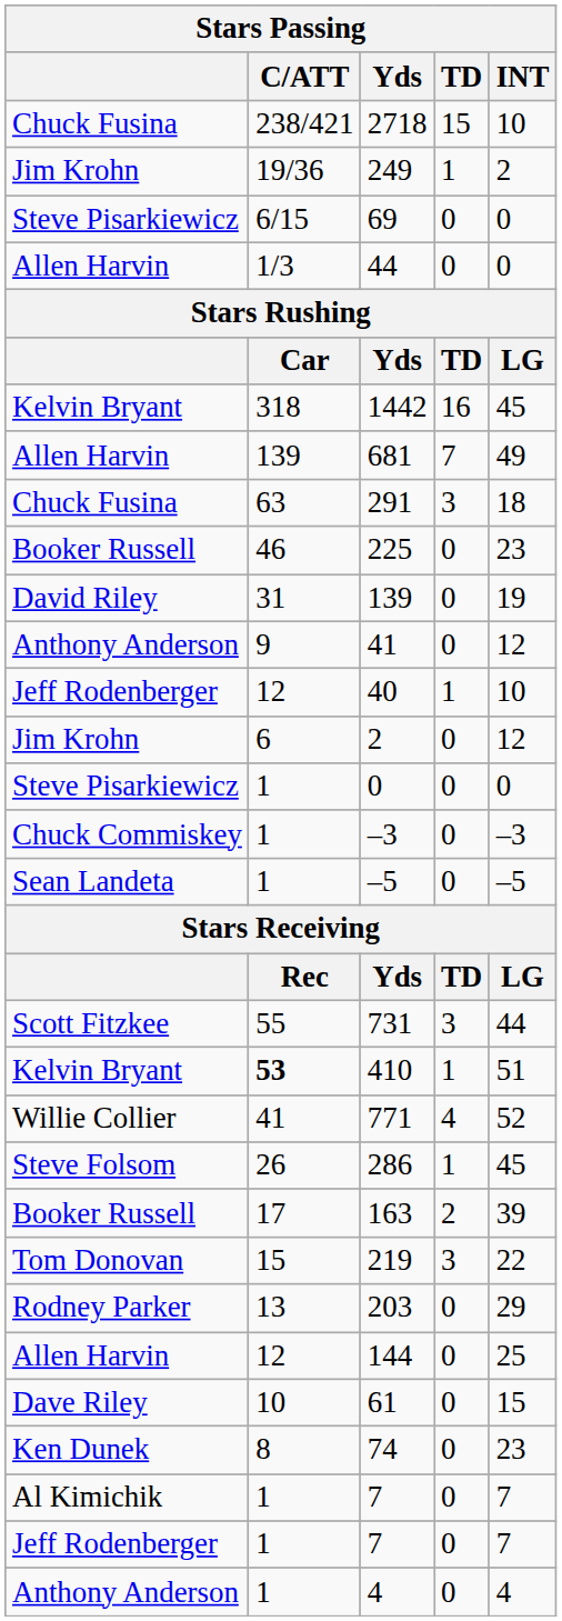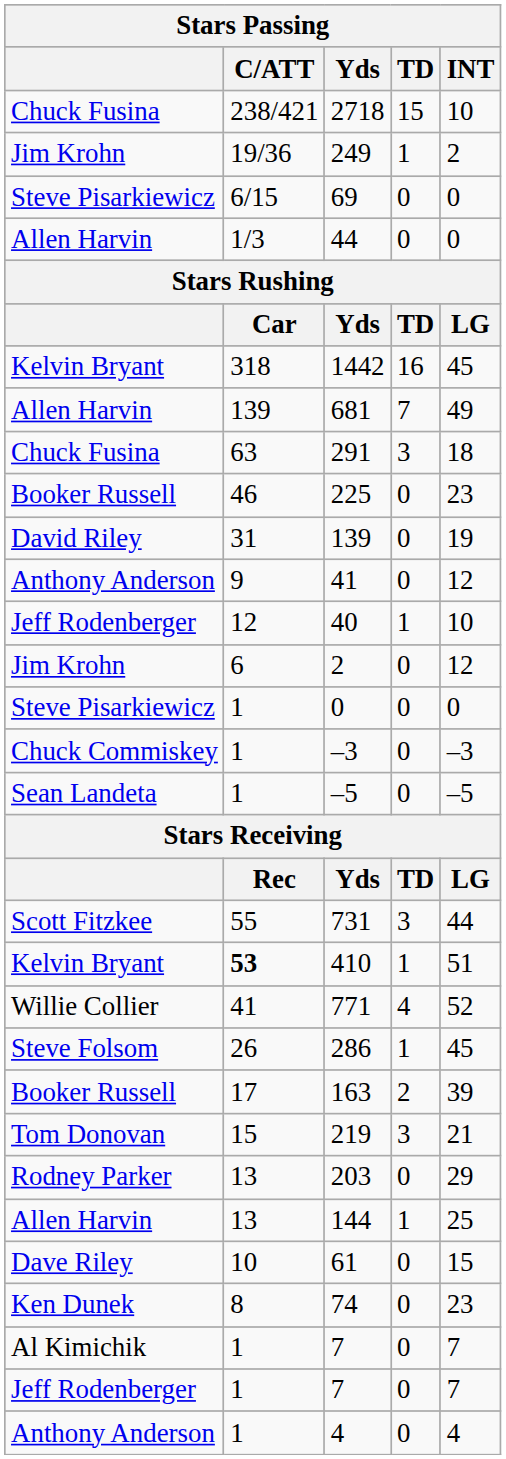 <table class="wikitable">
 <tr>
 <th colspan="5">Stars Passing</th>
 </tr>
 <tr>
 <th></th>
 <th>C/ATT</th>
 <th>Yds</th>
 <th>TD</th>
 <th>INT</th>
 </tr>
 <tr>
 <td><a href='#'>Chuck Fusina</a></td>
 <td>238/421</td>
 <td>2718</td>
 <td>15</td>
 <td>10</td>
 </tr>
 <tr>
 <td><a href='#'>Jim Krohn</a></td>
 <td>19/36</td>
 <td>249</td>
 <td>1</td>
 <td>2</td>
 </tr>
 <tr>
 <td><a href='#'>Steve Pisarkiewicz</a></td>
 <td>6/15</td>
 <td>69</td>
 <td>0</td>
 <td>0</td>
 </tr>
 <tr>
 <td><a href='#'>Allen Harvin</a></td>
 <td>1/3</td>
 <td>44</td>
 <td>0</td>
 <td>0</td>
 </tr>
 <tr>
 <th colspan="5">Stars Rushing</th>
 </tr>
 <tr>
 <th></th>
 <th>Car</th>
 <th>Yds</th>
 <th>TD</th>
 <th>LG</th>
 </tr>
 <tr>
 <td><a href='#'>Kelvin Bryant</a></td>
 <td>318</td>
 <td>1442</td>
 <td>16</td>
 <td>45</td>
 </tr>
 <tr>
 <td><a href='#'>Allen Harvin</a></td>
 <td>139</td>
 <td>681</td>
 <td>7</td>
 <td>49</td>
 </tr>
 <tr>
 <td><a href='#'>Chuck Fusina</a></td>
 <td>63</td>
 <td>291</td>
 <td>3</td>
 <td>18</td>
 </tr>
 <tr>
 <td><a href='#'>Booker Russell</a></td>
 <td>46</td>
 <td>225</td>
 <td>0</td>
 <td>23</td>
 </tr>
 <tr>
 <td><a href='#'>David Riley</a></td>
 <td>31</td>
 <td>139</td>
 <td>0</td>
 <td>19</td>
 </tr>
 <tr>
 <td><a href='#'>Anthony Anderson</a></td>
 <td>9</td>
 <td>41</td>
 <td>0</td>
 <td>12</td>
 </tr>
 <tr>
 <td><a href='#'>Jeff Rodenberger</a></td>
 <td>12</td>
 <td>40</td>
 <td>1</td>
 <td>10</td>
 </tr>
 <tr>
 <td><a href='#'>Jim Krohn</a></td>
 <td>6</td>
 <td>2</td>
 <td>0</td>
 <td>12</td>
 </tr>
 <tr>
 <td><a href='#'>Steve Pisarkiewicz</a></td>
 <td>1</td>
 <td>0</td>
 <td>0</td>
 <td>0</td>
 </tr>
 <tr>
 <td><a href='#'>Chuck Commiskey</a></td>
 <td>1</td>
 <td>–3</td>
 <td>0</td>
 <td>–3</td>
 </tr>
 <tr>
 <td><a href='#'>Sean Landeta</a></td>
 <td>1</td>
 <td>–5</td>
 <td>0</td>
 <td>–5</td>
 </tr>
 <tr>
 <th colspan="5">Stars Receiving</th>
 </tr>
 <tr>
 <th></th>
 <th>Rec</th>
 <th>Yds</th>
 <th>TD</th>
 <th>LG</th>
 </tr>
 <tr>
 <td><a href='#'>Scott Fitzkee</a></td>
 <td>55</td>
 <td>731</td>
 <td>3</td>
 <td>44</td>
 </tr>
 <tr>
 <td><a href='#'>Kelvin Bryant</a></td>
 <td><strong>53</strong></td>
 <td>410</td>
 <td>1</td>
 <td>51</td>
 </tr>
 <tr>
 <td>Willie Collier</td>
 <td>41</td>
 <td>771</td>
 <td>4</td>
 <td>52</td>
 </tr>
 <tr>
 <td><a href='#'>Steve Folsom</a></td>
 <td>26</td>
 <td>286</td>
 <td>1</td>
 <td>45</td>
 </tr>
 <tr>
 <td><a href='#'>Booker Russell</a></td>
 <td>17</td>
 <td>163</td>
 <td>2</td>
 <td>39</td>
 </tr>
 <tr>
 <td><a href='#'>Tom Donovan</a></td>
 <td>15</td>
 <td>219</td>
 <td>3</td>
-<td>22</td>
+<td>21</td>
 </tr>
 <tr>
 <td><a href='#'>Rodney Parker</a></td>
 <td>13</td>
 <td>203</td>
 <td>0</td>
 <td>29</td>
 </tr>
 <tr>
 <td><a href='#'>Allen Harvin</a></td>
-<td>12</td>
+<td>13</td>
 <td>144</td>
-<td>0</td>
+<td>1</td>
 <td>25</td>
 </tr>
 <tr>
 <td><a href='#'>Dave Riley</a></td>
 <td>10</td>
 <td>61</td>
 <td>0</td>
 <td>15</td>
 </tr>
 <tr>
 <td><a href='#'>Ken Dunek</a></td>
 <td>8</td>
 <td>74</td>
 <td>0</td>
 <td>23</td>
 </tr>
 <tr>
 <td>Al Kimichik</td>
 <td>1</td>
 <td>7</td>
 <td>0</td>
 <td>7</td>
 </tr>
 <tr>
 <td><a href='#'>Jeff Rodenberger</a></td>
 <td>1</td>
 <td>7</td>
 <td>0</td>
 <td>7</td>
 </tr>
 <tr>
 <td><a href='#'>Anthony Anderson</a></td>
 <td>1</td>
 <td>4</td>
 <td>0</td>
 <td>4</td>
 </tr>
 </table>
